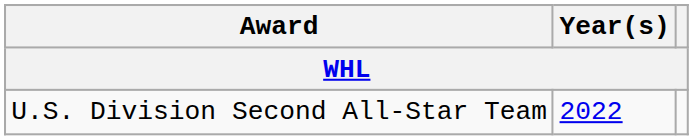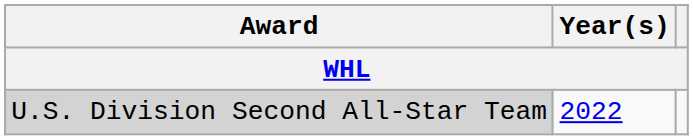 <table class="wikitable">
 <tr>
 <th>Award</th>
 <th>Year(s)</th>
 <th></th>
 </tr>
 <tr>
 <th colspan="3"><a href='#'>WHL</a></th>
 </tr>
 <tr>
-<td>U.S. Division Second All-Star Team</td>
+<td style="background: lightgrey;">U.S. Division Second All-Star Team</td>
 <td><a href='#'>2022</a></td>
 <td></td>
 </tr>
 </table>
